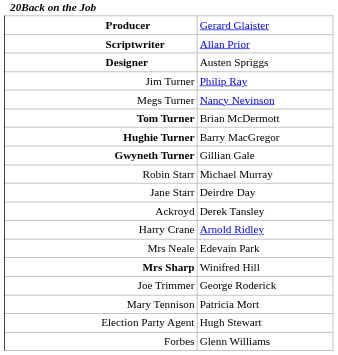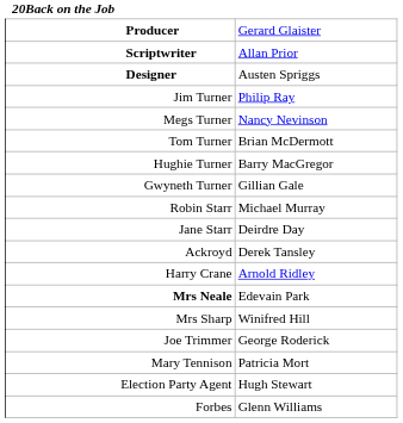 <table class="wikitable mw-collapsible mw-collapsed" style="vertical-align:top;margin:auto 2em;line-height:1.2;min-width:33em;display: inline-table;background-color:inherit;border:none;">
 <tr>
 <td class=unsortable style="border:hidden;line-height:1.67;text-align:center;margin-left:-1em;padding-left:0.5em;min-width:1.0em;"></td>
 <td class=unsortable style="border:none;padding-left:0.5em;text-align:left;min-width:16.5em;font-weight:700;font-style:italic;">20Back on the Job</td>
 <td class=unsortable style="border:none;text-align:right;font-weight:normal;font-family:Courier;font-size:95%;letter-spacing:-1pt;min-width:8.5em;padding-right:0.2em;"></td>
 <td class=unsortable style="border:hidden;min-width:3.5em;padding-left:0;"></td>
 <td class=unsortable style="border:hidden;min-width:3.5em;font-size:95%;"></td>
 </tr>
 <tr>
 <td rowspan=100 style="border:none thin;border-right-style :solid;"></td>
 </tr>
 <tr>
 <td style="text-align:left;padding-left:9.0em;font-weight:bold;">Producer</td>
 <td colspan=2><a href='#'>Gerard Glaister</a></td>
 </tr>
 <tr>
 <td style="text-align:left;padding-left:9.0em;font-weight:bold;">Scriptwriter</td>
 <td colspan=2><a href='#'>Allan Prior</a></td>
 </tr>
 <tr>
 <td style="text-align:left;padding-left:9.0em;font-weight:bold;">Designer</td>
 <td colspan=2>Austen Spriggs</td>
 </tr>
 <tr>
 <td style="text-align:right;">Jim Turner</td>
 <td colspan=2><a href='#'>Philip Ray</a></td>
 </tr>
 <tr>
 <td style="text-align:right;">Megs Turner</td>
 <td colspan=2><a href='#'>Nancy Nevinson</a></td>
 </tr>
 <tr>
-<td style="text-align:right;"><strong>Tom Turner</strong></td>
+<td style="text-align:right;">Tom Turner</td>
 <td colspan=2>Brian McDermott</td>
 </tr>
 <tr>
-<td style="text-align:right;"><strong>Hughie Turner</strong></td>
+<td style="text-align:right;">Hughie Turner</td>
 <td colspan=2>Barry MacGregor</td>
 </tr>
 <tr>
-<td style="text-align:right;"><strong>Gwyneth Turner</strong></td>
+<td style="text-align:right;">Gwyneth Turner</td>
 <td colspan=2>Gillian Gale</td>
 </tr>
 <tr>
 <td style="text-align:right;">Robin Starr</td>
 <td colspan=2>Michael Murray</td>
 </tr>
 <tr>
 <td style="text-align:right;">Jane Starr</td>
 <td colspan=2>Deirdre Day</td>
 </tr>
 <tr>
 <td style="text-align:right;">Ackroyd</td>
 <td colspan=2>Derek Tansley</td>
 </tr>
 <tr>
 <td style="text-align:right;">Harry Crane</td>
 <td colspan=2><a href='#'>Arnold Ridley</a></td>
 </tr>
 <tr>
-<td style="text-align:right;">Mrs Neale</td>
+<td style="text-align:right;"><strong>Mrs Neale</strong></td>
 <td colspan=2>Edevain Park</td>
 </tr>
 <tr>
-<td style="text-align:right;"><strong>Mrs Sharp</strong></td>
+<td style="text-align:right;">Mrs Sharp</td>
 <td colspan=2>Winifred Hill</td>
 </tr>
 <tr>
 <td style="text-align:right;">Joe Trimmer</td>
 <td colspan=2>George Roderick</td>
 </tr>
 <tr>
 <td style="text-align:right;">Mary Tennison</td>
 <td colspan=2>Patricia Mort</td>
 </tr>
 <tr>
 <td style="text-align:right;">Election Party Agent</td>
 <td colspan=2>Hugh Stewart</td>
 </tr>
 <tr>
 <td style="text-align:right;">Forbes</td>
 <td colspan=2>Glenn Williams</td>
 </tr>
 </table>
